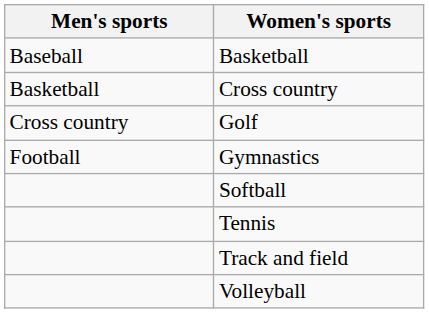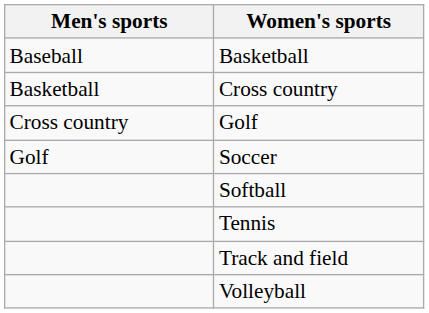 <table class="wikitable"; style= "text-align: ">
 <tr>
 <th width=150px>Men's sports</th>
 <th width=150px>Women's sports</th>
 </tr>
 <tr>
 <td>Baseball</td>
 <td>Basketball</td>
 </tr>
 <tr>
 <td>Basketball</td>
 <td>Cross country</td>
 </tr>
 <tr>
 <td>Cross country</td>
 <td>Golf</td>
 </tr>
 <tr>
-<td>Football</td>
-<td>Gymnastics</td>
+<td>Golf</td>
+<td>Soccer</td>
 </tr>
 <tr>
 <td></td>
 <td>Softball</td>
 </tr>
 <tr>
 <td></td>
 <td>Tennis</td>
 </tr>
 <tr>
 <td></td>
 <td>Track and field</td>
 </tr>
 <tr>
 <td></td>
 <td>Volleyball</td>
 </tr>
 </table>
